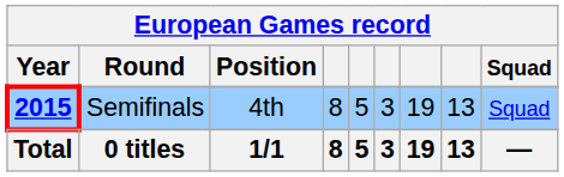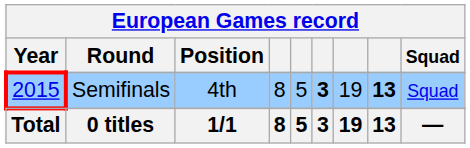 <table class="wikitable" style="text-align: center;">
 <tr>
 <th colspan=10><a href='#'>European Games record</a></th>
 </tr>
 <tr>
 <th>Year</th>
 <th>Round</th>
 <th>Position</th>
 <th></th>
 <th></th>
 <th></th>
 <th></th>
 <th></th>
 <th><small>Squad</small></th>
 </tr>
 <tr>
 </tr>
 <tr bgcolor="#9acdff">
-<td style="border: 3px solid red"><strong> <a href='#'>2015</a></strong></td>
+<td style="border: 3px solid red"> <a href='#'>2015</a></td>
 <td>Semifinals</td>
 <td>4th</td>
 <td>8</td>
 <td>5</td>
-<td>3</td>
+<td><strong>3</strong></td>
 <td>19</td>
-<td>13</td>
+<td><strong>13</strong></td>
 <td><small><a href='#'>Squad</a></small></td>
 </tr>
 <tr>
 </tr>
 <tr bgcolor="efefef">
 <th>Total</th>
 <th>0 titles</th>
 <th>1/1</th>
 <th>8</th>
 <th>5</th>
 <th>3</th>
 <th>19</th>
 <th>13</th>
 <th>—</th>
 </tr>
 </table>
